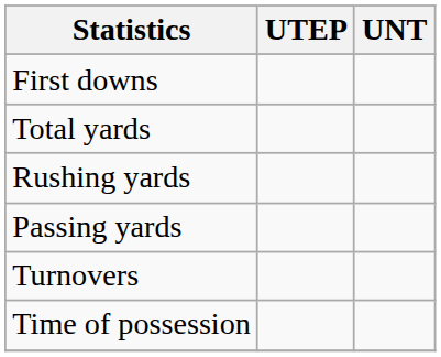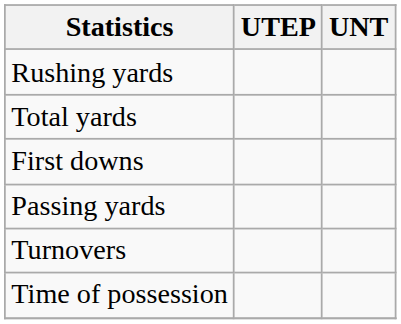 <table class="wikitable" style="float: left;">
 <tr>
 <th>Statistics</th>
 <th>UTEP</th>
 <th>UNT</th>
 </tr>
 <tr>
-<td>First downs</td>
+<td>Rushing yards</td>
 <td></td>
 <td></td>
 </tr>
 <tr>
 <td>Total yards</td>
 <td></td>
 <td></td>
 </tr>
 <tr>
-<td>Rushing yards</td>
+<td>First downs</td>
 <td></td>
 <td></td>
 </tr>
 <tr>
 <td>Passing yards</td>
 <td></td>
 <td></td>
 </tr>
 <tr>
 <td>Turnovers</td>
 <td></td>
 <td></td>
 </tr>
 <tr>
 <td>Time of possession</td>
 <td></td>
 <td></td>
 </tr>
 <tr>
 </tr>
 </table>
